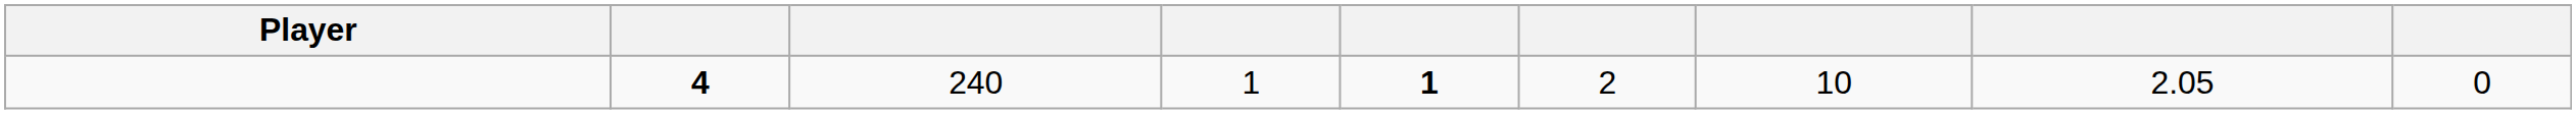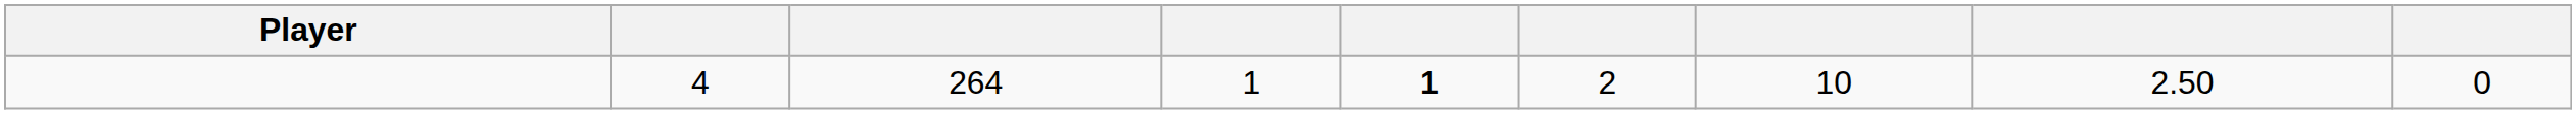 <table class="wikitable sortable" style="width:100%;">
 <tr style="text-align:center; background:#ddd;">
 <th>Player</th>
 <th></th>
 <th></th>
 <th></th>
 <th></th>
 <th></th>
 <th></th>
 <th></th>
 <th></th>
 </tr>
 <tr align=center>
 <td></td>
-<td><strong>4</strong></td>
-<td>240</td>
+<td>4</td>
+<td>264</td>
 <td>1</td>
 <td><strong>1</strong></td>
 <td>2</td>
 <td>10</td>
-<td>2.05</td>
+<td>2.50</td>
 <td>0</td>
 </tr>
 </table>
